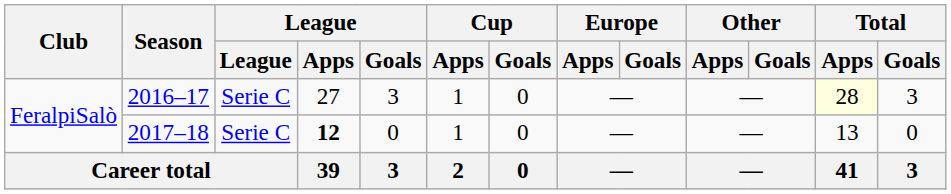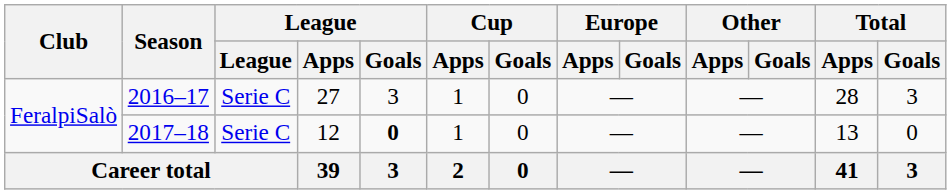 <table class="wikitable" style="text-align: center;">
 <tr>
 <th rowspan="2">Club</th>
 <th rowspan="2">Season</th>
 <th colspan="3">League</th>
 <th colspan="2">Cup</th>
 <th colspan="2">Europe</th>
 <th colspan="2">Other</th>
 <th colspan="2">Total</th>
 </tr>
 <tr>
 <th>League</th>
 <th>Apps</th>
 <th>Goals</th>
 <th>Apps</th>
 <th>Goals</th>
 <th>Apps</th>
 <th>Goals</th>
 <th>Apps</th>
 <th>Goals</th>
 <th>Apps</th>
 <th>Goals</th>
 </tr>
 <tr>
 <td rowspan="2"><a href='#'>FeralpiSalò</a></td>
 <td><a href='#'>2016–17</a></td>
 <td><a href='#'>Serie C</a></td>
 <td>27</td>
 <td>3</td>
 <td>1</td>
 <td>0</td>
 <td colspan="2">—</td>
 <td colspan="2">—</td>
-<td style="background: lightyellow;">28</td>
+<td>28</td>
 <td>3</td>
 </tr>
 <tr>
 <td><a href='#'>2017–18</a></td>
 <td><a href='#'>Serie C</a></td>
-<td><strong>12</strong></td>
-<td>0</td>
+<td>12</td>
+<td><strong>0</strong></td>
 <td>1</td>
 <td>0</td>
 <td colspan="2">—</td>
 <td colspan="2">—</td>
 <td>13</td>
 <td>0</td>
 </tr>
 <tr>
 <th colspan="3">Career total</th>
 <th>39</th>
 <th>3</th>
 <th>2</th>
 <th>0</th>
 <th colspan="2">—</th>
 <th colspan="2">—</th>
 <th>41</th>
 <th>3</th>
 </tr>
 </table>
